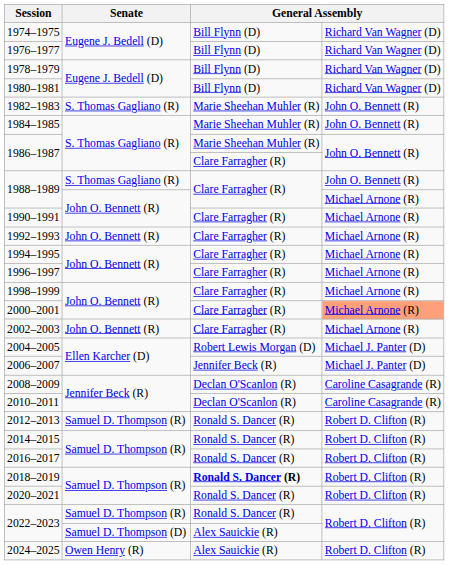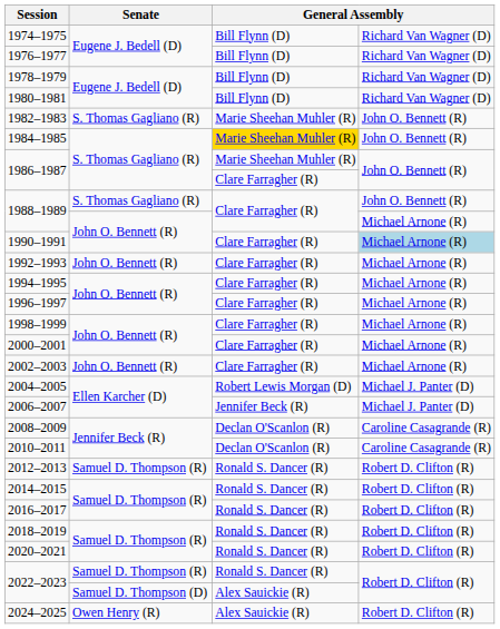 <table class="wikitable">
 <tr>
 <th>Session</th>
 <th>Senate</th>
 <th colspan=2>General Assembly</th>
 </tr>
 <tr>
 <td>1974–1975</td>
 <td rowspan=2 ><a href='#'>Eugene J. Bedell</a> (D)</td>
 <td><a href='#'>Bill Flynn</a> (D)</td>
 <td><a href='#'>Richard Van Wagner</a> (D)</td>
 </tr>
 <tr>
 <td>1976–1977</td>
 <td><a href='#'>Bill Flynn</a> (D)</td>
 <td><a href='#'>Richard Van Wagner</a> (D)</td>
 </tr>
 <tr>
 <td>1978–1979</td>
 <td rowspan=2 ><a href='#'>Eugene J. Bedell</a> (D)</td>
 <td><a href='#'>Bill Flynn</a> (D)</td>
 <td><a href='#'>Richard Van Wagner</a> (D)</td>
 </tr>
 <tr>
 <td>1980–1981</td>
 <td><a href='#'>Bill Flynn</a> (D)</td>
 <td><a href='#'>Richard Van Wagner</a> (D)</td>
 </tr>
 <tr>
 <td>1982–1983</td>
 <td><a href='#'>S. Thomas Gagliano</a> (R)</td>
 <td><a href='#'>Marie Sheehan Muhler</a> (R)</td>
 <td><a href='#'>John O. Bennett</a> (R)</td>
 </tr>
 <tr>
 <td>1984–1985</td>
 <td rowspan=3 ><a href='#'>S. Thomas Gagliano</a> (R)</td>
-<td><a href='#'>Marie Sheehan Muhler</a> (R)</td>
+<td style="background: gold;"><a href='#'>Marie Sheehan Muhler</a> (R)</td>
 <td><a href='#'>John O. Bennett</a> (R)</td>
 </tr>
 <tr>
 <td rowspan=2>1986–1987</td>
 <td><a href='#'>Marie Sheehan Muhler</a> (R)</td>
 <td rowspan=2 ><a href='#'>John O. Bennett</a> (R)</td>
 </tr>
 <tr>
 <td><a href='#'>Clare Farragher</a> (R)</td>
 </tr>
 <tr>
 <td rowspan=2>1988–1989</td>
 <td><a href='#'>S. Thomas Gagliano</a> (R)</td>
 <td rowspan=2 ><a href='#'>Clare Farragher</a> (R)</td>
 <td><a href='#'>John O. Bennett</a> (R)</td>
 </tr>
 <tr>
 <td rowspan=2 ><a href='#'>John O. Bennett</a> (R)</td>
 <td><a href='#'>Michael Arnone</a> (R)</td>
 </tr>
 <tr>
 <td>1990–1991</td>
 <td><a href='#'>Clare Farragher</a> (R)</td>
-<td><a href='#'>Michael Arnone</a> (R)</td>
+<td style="background: lightblue;"><a href='#'>Michael Arnone</a> (R)</td>
 </tr>
 <tr>
 <td>1992–1993</td>
 <td><a href='#'>John O. Bennett</a> (R)</td>
 <td><a href='#'>Clare Farragher</a> (R)</td>
 <td><a href='#'>Michael Arnone</a> (R)</td>
 </tr>
 <tr>
 <td>1994–1995</td>
 <td rowspan=2 ><a href='#'>John O. Bennett</a> (R)</td>
 <td><a href='#'>Clare Farragher</a> (R)</td>
 <td><a href='#'>Michael Arnone</a> (R)</td>
 </tr>
 <tr>
 <td>1996–1997</td>
 <td><a href='#'>Clare Farragher</a> (R)</td>
 <td><a href='#'>Michael Arnone</a> (R)</td>
 </tr>
 <tr>
 <td>1998–1999</td>
 <td rowspan=2 ><a href='#'>John O. Bennett</a> (R)</td>
 <td><a href='#'>Clare Farragher</a> (R)</td>
 <td><a href='#'>Michael Arnone</a> (R)</td>
 </tr>
 <tr>
 <td>2000–2001</td>
 <td><a href='#'>Clare Farragher</a> (R)</td>
-<td style="background: lightsalmon;"><a href='#'>Michael Arnone</a> (R)</td>
+<td><a href='#'>Michael Arnone</a> (R)</td>
 </tr>
 <tr>
 <td>2002–2003</td>
 <td><a href='#'>John O. Bennett</a> (R)</td>
 <td><a href='#'>Clare Farragher</a> (R)</td>
 <td><a href='#'>Michael Arnone</a> (R)</td>
 </tr>
 <tr>
 <td>2004–2005</td>
 <td rowspan=2 ><a href='#'>Ellen Karcher</a> (D)</td>
 <td><a href='#'>Robert Lewis Morgan</a> (D)</td>
 <td><a href='#'>Michael J. Panter</a> (D)</td>
 </tr>
 <tr>
 <td>2006–2007</td>
 <td><a href='#'>Jennifer Beck</a> (R)</td>
 <td><a href='#'>Michael J. Panter</a> (D)</td>
 </tr>
 <tr>
 <td>2008–2009</td>
 <td rowspan=2 ><a href='#'>Jennifer Beck</a> (R)</td>
 <td><a href='#'>Declan O'Scanlon</a> (R)</td>
 <td><a href='#'>Caroline Casagrande</a> (R)</td>
 </tr>
 <tr>
 <td>2010–2011</td>
 <td><a href='#'>Declan O'Scanlon</a> (R)</td>
 <td><a href='#'>Caroline Casagrande</a> (R)</td>
 </tr>
 <tr>
 <td>2012–2013</td>
 <td><a href='#'>Samuel D. Thompson</a> (R)</td>
 <td><a href='#'>Ronald S. Dancer</a> (R)</td>
 <td><a href='#'>Robert D. Clifton</a> (R)</td>
 </tr>
 <tr>
 <td>2014–2015</td>
 <td rowspan=2 ><a href='#'>Samuel D. Thompson</a> (R)</td>
 <td><a href='#'>Ronald S. Dancer</a> (R)</td>
 <td><a href='#'>Robert D. Clifton</a> (R)</td>
 </tr>
 <tr>
 <td>2016–2017</td>
 <td><a href='#'>Ronald S. Dancer</a> (R)</td>
 <td><a href='#'>Robert D. Clifton</a> (R)</td>
 </tr>
 <tr>
 <td>2018–2019</td>
 <td rowspan=2 ><a href='#'>Samuel D. Thompson</a> (R)</td>
-<td><strong><a href='#'>Ronald S. Dancer</a> (R)</strong></td>
+<td><a href='#'>Ronald S. Dancer</a> (R)</td>
 <td><a href='#'>Robert D. Clifton</a> (R)</td>
 </tr>
 <tr>
 <td>2020–2021</td>
 <td><a href='#'>Ronald S. Dancer</a> (R)</td>
 <td><a href='#'>Robert D. Clifton</a> (R)</td>
 </tr>
 <tr>
 <td rowspan=3>2022–2023</td>
 <td rowspan=2 ><a href='#'>Samuel D. Thompson</a> (R)<small> </small></td>
 <td><a href='#'>Ronald S. Dancer</a> (R)</td>
 <td rowspan=3 ><a href='#'>Robert D. Clifton</a> (R)</td>
 </tr>
 <tr>
 <td rowspan=2 ><a href='#'>Alex Sauickie</a> (R)</td>
 </tr>
 <tr>
 <td><a href='#'>Samuel D. Thompson</a> (D)</td>
 </tr>
 <tr>
 <td>2024–2025</td>
 <td rowspan=1 ><a href='#'>Owen Henry</a> (R)</td>
 <td><a href='#'>Alex Sauickie</a> (R)</td>
 <td><a href='#'>Robert D. Clifton</a> (R)</td>
 </tr>
 </table>
